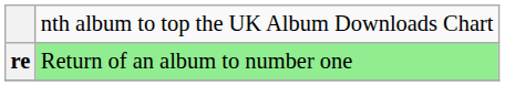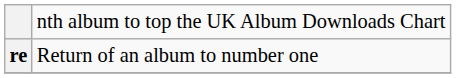 <table class="wikitable plainrowheaders" style="font-size:90%;">
 <tr>
 <th scope=col></th>
 <td>nth album to top the UK Album Downloads Chart</td>
 </tr>
 <tr>
 <th scope=row style="text-align:center;">re</th>
-<td style="background: lightgreen;">Return of an album to number one</td>
+<td>Return of an album to number one</td>
 </tr>
 <tr>
 </tr>
 </table>
